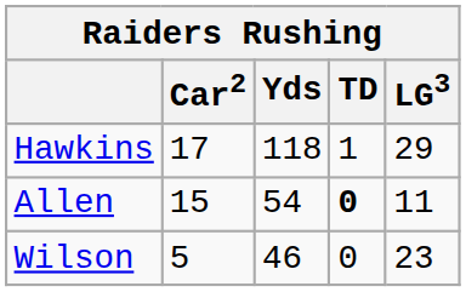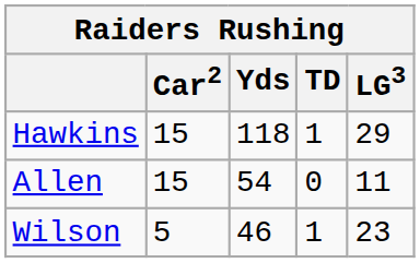 <table class="wikitable">
 <tr>
 <th colspan="5">Raiders Rushing</th>
 </tr>
 <tr>
 <th></th>
 <th>Car<sup>2</sup></th>
 <th>Yds</th>
 <th>TD</th>
 <th>LG<sup>3</sup></th>
 </tr>
 <tr>
 <td><a href='#'>Hawkins</a></td>
-<td>17</td>
+<td>15</td>
 <td>118</td>
 <td>1</td>
 <td>29</td>
 </tr>
 <tr>
 <td><a href='#'>Allen</a></td>
 <td>15</td>
 <td>54</td>
-<td><strong>0</strong></td>
+<td>0</td>
 <td>11</td>
 </tr>
 <tr>
 <td><a href='#'>Wilson</a></td>
 <td>5</td>
 <td>46</td>
-<td>0</td>
+<td>1</td>
 <td>23</td>
 </tr>
 </table>
